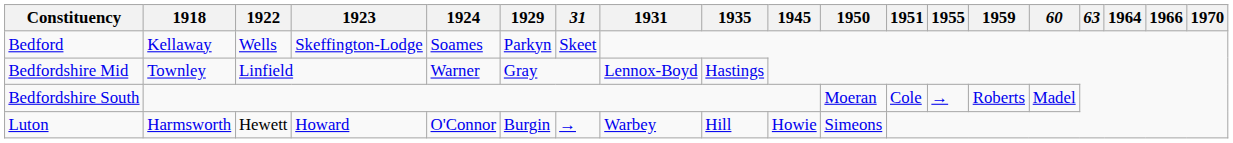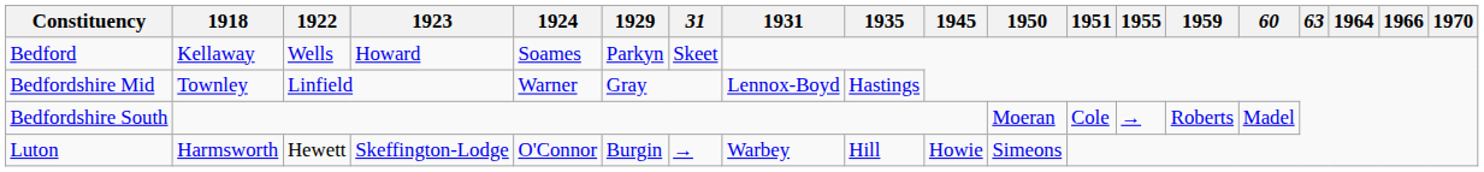 <table class="wikitable">
 <tr>
 <th>Constituency</th>
 <th>1918</th>
 <th>1922</th>
 <th>1923</th>
 <th>1924</th>
 <th>1929</th>
 <th><em>31</em></th>
 <th>1931</th>
 <th>1935</th>
 <th>1945</th>
 <th>1950</th>
 <th>1951</th>
 <th>1955</th>
 <th>1959</th>
 <th><em>60</em></th>
 <th><em>63</em></th>
 <th>1964</th>
 <th>1966</th>
 <th>1970</th>
 </tr>
 <tr>
 <td><a href='#'>Bedford</a></td>
 <td><a href='#'>Kellaway</a></td>
 <td><a href='#'>Wells</a></td>
-<td><a href='#'>Skeffington-Lodge</a></td>
+<td><a href='#'>Howard</a></td>
 <td><a href='#'>Soames</a></td>
 <td><a href='#'>Parkyn</a></td>
 <td><a href='#'>Skeet</a></td>
 </tr>
 <tr>
 <td><a href='#'>Bedfordshire Mid</a></td>
 <td><a href='#'>Townley</a></td>
 <td colspan="2"><a href='#'>Linfield</a></td>
 <td><a href='#'>Warner</a></td>
 <td colspan="2"><a href='#'>Gray</a></td>
 <td><a href='#'>Lennox-Boyd</a></td>
 <td><a href='#'>Hastings</a></td>
 </tr>
 <tr>
 <td><a href='#'>Bedfordshire South</a></td>
 <td colspan="9"></td>
 <td><a href='#'>Moeran</a></td>
 <td><a href='#'>Cole</a></td>
 <td><a href='#'>→</a></td>
 <td><a href='#'>Roberts</a></td>
 <td><a href='#'>Madel</a></td>
 </tr>
 <tr>
 <td><a href='#'>Luton</a></td>
 <td><a href='#'>Harmsworth</a></td>
 <td>Hewett</td>
-<td><a href='#'>Howard</a></td>
+<td><a href='#'>Skeffington-Lodge</a></td>
 <td><a href='#'>O'Connor</a></td>
 <td><a href='#'>Burgin</a></td>
 <td><a href='#'>→</a></td>
 <td><a href='#'>Warbey</a></td>
 <td><a href='#'>Hill</a></td>
 <td><a href='#'>Howie</a></td>
 <td><a href='#'>Simeons</a></td>
 </tr>
 </table>
